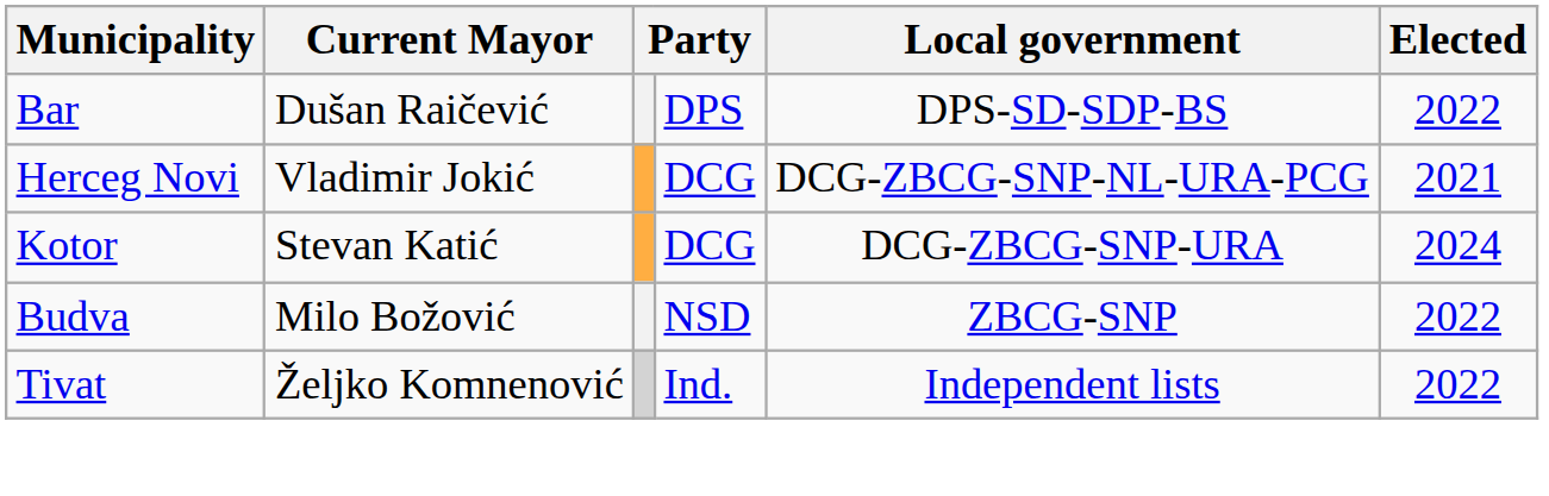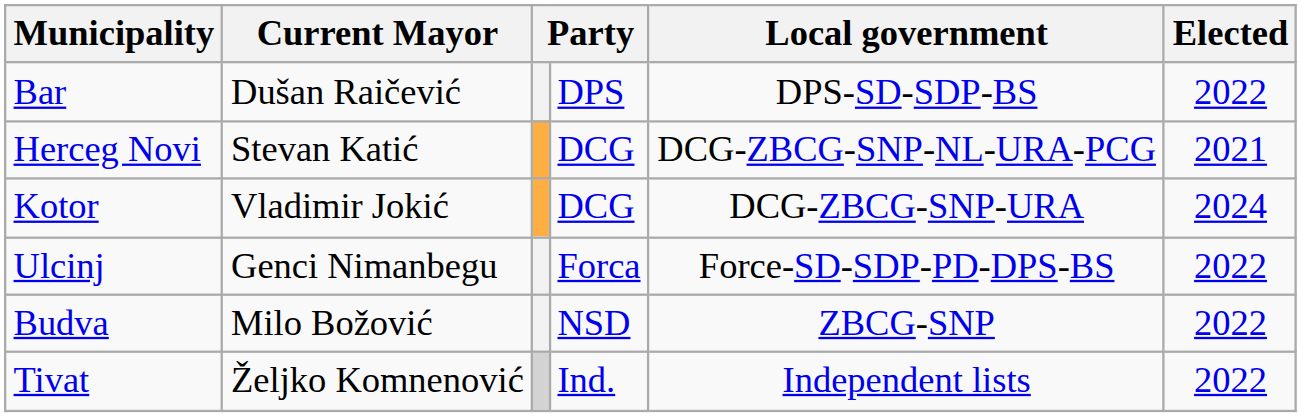 <table class="wikitable sortable">
 <tr>
 <th>Municipality</th>
 <th>Current Mayor</th>
 <th colspan=2>Party</th>
 <th>Local government</th>
 <th>Elected</th>
 </tr>
 <tr>
 <td><a href='#'>Bar</a></td>
 <td>Dušan Raičević</td>
 <th style="background-color: "></th>
 <td><a href='#'>DPS</a></td>
 <td style="text-align:center;">DPS-<a href='#'>SD</a>-<a href='#'>SDP</a>-<a href='#'>BS</a></td>
 <td style="text-align:center;"><a href='#'>2022</a></td>
 </tr>
 <tr>
 <td><a href='#'>Herceg Novi</a></td>
-<td>Vladimir Jokić</td>
+<td>Stevan Katić</td>
 <th style="background-color: #ffae42"></th>
 <td><a href='#'>DCG</a></td>
 <td style="text-align:center;">DCG-<a href='#'>ZBCG</a>-<a href='#'>SNP</a>-<a href='#'>NL</a>-<a href='#'>URA</a>-<a href='#'>PCG</a></td>
 <td style="text-align:center;"><a href='#'>2021</a></td>
 </tr>
 <tr>
 <td><a href='#'>Kotor</a></td>
-<td>Stevan Katić</td>
+<td>Vladimir Jokić</td>
 <th style="background-color: #ffae42"></th>
 <td><a href='#'>DCG</a></td>
 <td style="text-align:center;">DCG-<a href='#'>ZBCG</a>-<a href='#'>SNP</a>-<a href='#'>URA</a></td>
 <td style="text-align:center;"><a href='#'>2024</a></td>
+</tr>
+<tr>
+<td><a href='#'>Ulcinj</a></td>
+<td>Genci Nimanbegu</td>
+<th style="background-color: "></th>
+<td><a href='#'>Forca</a></td>
+<td style="text-align:center;">Force-<a href='#'>SD</a>-<a href='#'>SDP</a>-<a href='#'>PD</a>-<a href='#'>DPS</a>-<a href='#'>BS</a></td>
+<td style="text-align:center;"><a href='#'>2022</a></td>
 </tr>
 <tr>
 <td><a href='#'>Budva</a></td>
 <td>Milo Božović</td>
 <th style="background-color: "></th>
 <td><a href='#'>NSD</a></td>
 <td style="text-align:center;"><a href='#'>ZBCG</a>-<a href='#'>SNP</a></td>
 <td style="text-align:center;"><a href='#'>2022</a></td>
 </tr>
 <tr>
 <td><a href='#'>Tivat</a></td>
 <td>Željko Komnenović</td>
 <th style="background-color: lightgrey"></th>
 <td><a href='#'>Ind.</a></td>
 <td style="text-align:center;"><a href='#'>Independent lists</a></td>
 <td style="text-align:center;"><a href='#'>2022</a></td>
 </tr>
 </table>
